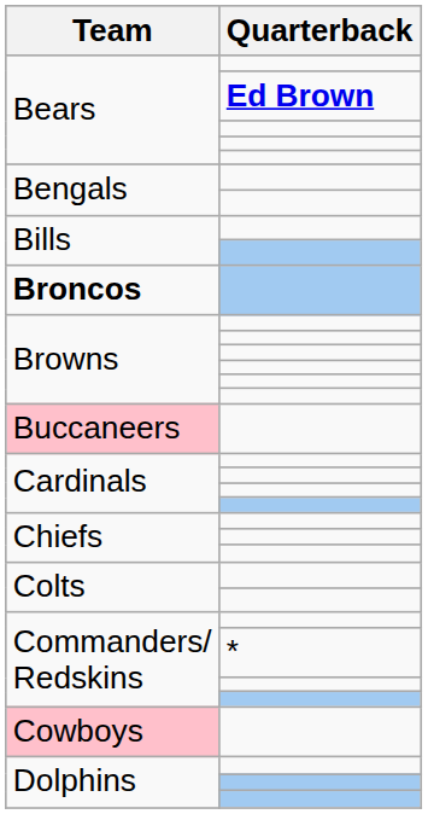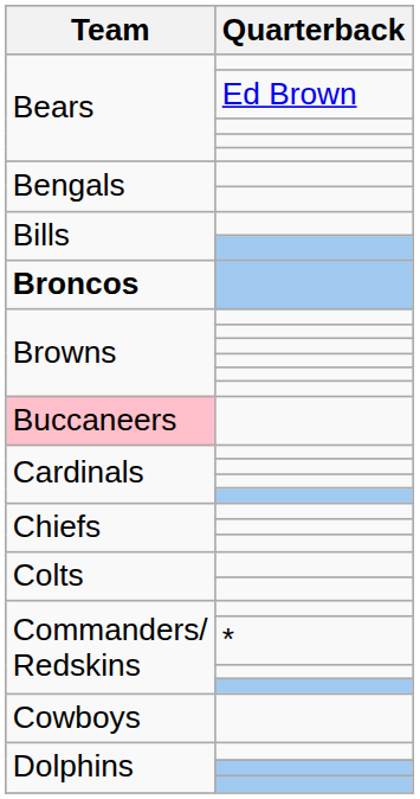 <table class="wikitable">
 <tr>
 <th>Team</th>
 <th>Quarterback</th>
 </tr>
 <tr>
 <td rowspan="5">Bears</td>
 <td></td>
 </tr>
 <tr>
-<td><strong><a href='#'>Ed Brown</a></strong></td>
+<td><a href='#'>Ed Brown</a></td>
 </tr>
 <tr>
 <td></td>
 </tr>
 <tr>
 <td></td>
 </tr>
 <tr>
 <td></td>
 </tr>
 <tr>
 <td rowspan="2">Bengals</td>
 <td></td>
 </tr>
 <tr>
 <td></td>
 </tr>
 <tr>
 <td rowspan="2">Bills</td>
 <td></td>
 </tr>
 <tr>
 <td style="background:#A1CAF1"><strong></strong></td>
 </tr>
 <tr>
 <td><strong>Broncos</strong></td>
 <td style="background:#A1CAF1"><strong></strong></td>
 </tr>
 <tr>
 <td rowspan="6">Browns</td>
 <td></td>
 </tr>
 <tr>
 <td></td>
 </tr>
 <tr>
 <td></td>
 </tr>
 <tr>
 <td></td>
 </tr>
 <tr>
 <td></td>
 </tr>
 <tr>
 <td></td>
 </tr>
 <tr>
 <td style="background: pink;">Buccaneers</td>
 <td></td>
 </tr>
 <tr>
 <td rowspan="4">Cardinals</td>
 <td></td>
 </tr>
 <tr>
 <td></td>
 </tr>
 <tr>
 <td></td>
 </tr>
 <tr>
 <td style="background:#A1CAF1"><strong></strong></td>
 </tr>
 <tr>
 <td rowspan="3">Chiefs</td>
 <td></td>
 </tr>
 <tr>
 <td></td>
 </tr>
 <tr>
 <td></td>
 </tr>
 <tr>
 <td rowspan="2">Colts</td>
 <td></td>
 </tr>
 <tr>
 <td></td>
 </tr>
 <tr>
 <td rowspan="4">Commanders/<br>Redskins</td>
 <td></td>
 </tr>
 <tr>
 <td>*</td>
 </tr>
 <tr>
 <td></td>
 </tr>
 <tr>
 <td style="background:#A1CAF1"><strong></strong></td>
 </tr>
 <tr>
-<td style="background: pink;">Cowboys</td>
+<td>Cowboys</td>
 <td></td>
 </tr>
 <tr>
 <td rowspan="3">Dolphins</td>
 <td></td>
 </tr>
 <tr>
 <td style="background:#A1CAF1"><strong></strong></td>
 </tr>
 <tr>
 <td style="background:#A1CAF1"><strong></strong></td>
 </tr>
 </table>
